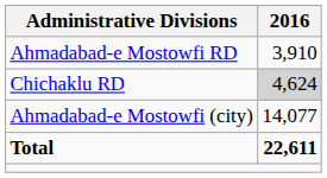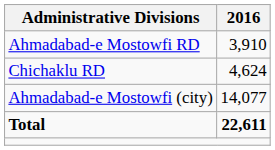 <table class="wikitable">
 <tr>
 <th>Administrative Divisions</th>
 <th>2016</th>
 </tr>
 <tr>
 <td><a href='#'>Ahmadabad-e Mostowfi RD</a></td>
 <td style="text-align: right;">3,910</td>
 </tr>
 <tr>
 <td><a href='#'>Chichaklu RD</a></td>
-<td style="background: lightgrey; text-align: right;">4,624</td>
+<td style="text-align: right;">4,624</td>
 </tr>
 <tr>
 <td><a href='#'>Ahmadabad-e Mostowfi</a> (city)</td>
 <td style="text-align: right;">14,077</td>
 </tr>
 <tr>
 <td><strong>Total</strong></td>
 <td style="text-align: right;"><strong>22,611</strong></td>
 </tr>
 <tr>
 <td colspan=2></td>
 </tr>
 </table>
